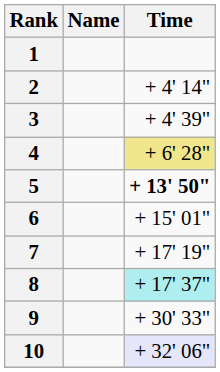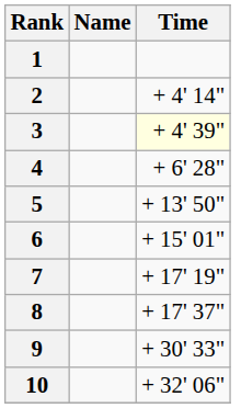 <table class="wikitable">
 <tr>
 <th>Rank</th>
 <th>Name</th>
 <th>Time</th>
 </tr>
 <tr>
 <th style="text-align:center">1</th>
 <td></td>
 <td align="right"></td>
 </tr>
 <tr>
 <th style="text-align:center">2</th>
 <td></td>
 <td align="right">+ 4' 14"</td>
 </tr>
 <tr>
 <th style="text-align:center">3</th>
 <td></td>
-<td align="right">+ 4' 39"</td>
+<td align="right" style="background: lightyellow;">+ 4' 39"</td>
 </tr>
 <tr>
 <th style="text-align:center">4</th>
 <td></td>
-<td align="right" style="background: khaki;">+ 6' 28"</td>
+<td align="right">+ 6' 28"</td>
 </tr>
 <tr>
 <th style="text-align:center">5</th>
 <td></td>
-<td align="right"><strong>+ 13' 50"</strong></td>
+<td align="right">+ 13' 50"</td>
 </tr>
 <tr>
 <th style="text-align:center">6</th>
 <td></td>
 <td align="right">+ 15' 01"</td>
 </tr>
 <tr>
 <th style="text-align:center">7</th>
 <td></td>
 <td align="right">+ 17' 19"</td>
 </tr>
 <tr>
 <th style="text-align:center">8</th>
 <td></td>
-<td align="right" style="background: paleturquoise;">+ 17' 37"</td>
+<td align="right">+ 17' 37"</td>
 </tr>
 <tr>
 <th style="text-align:center">9</th>
 <td></td>
 <td align="right">+ 30' 33"</td>
 </tr>
 <tr>
 <th style="text-align:center">10</th>
 <td></td>
-<td align="right" style="background: lavender;">+ 32' 06"</td>
+<td align="right">+ 32' 06"</td>
 </tr>
 <tr>
 </tr>
 </table>
